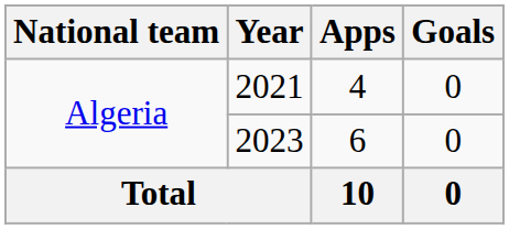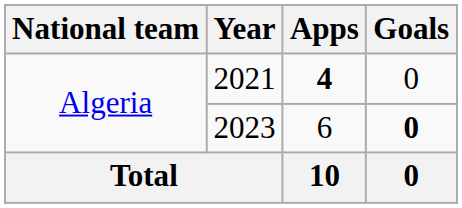 <table class=wikitable style=text-align:center>
 <tr>
 <th>National team</th>
 <th>Year</th>
 <th>Apps</th>
 <th>Goals</th>
 </tr>
 <tr>
 <td rowspan="2"><a href='#'>Algeria</a></td>
 <td>2021</td>
-<td>4</td>
+<td><strong>4</strong></td>
 <td>0</td>
 </tr>
 <tr>
 <td>2023</td>
 <td>6</td>
-<td>0</td>
+<td><strong>0</strong></td>
 </tr>
 <tr>
 <th colspan="2">Total</th>
 <th>10</th>
 <th>0</th>
 </tr>
 </table>
